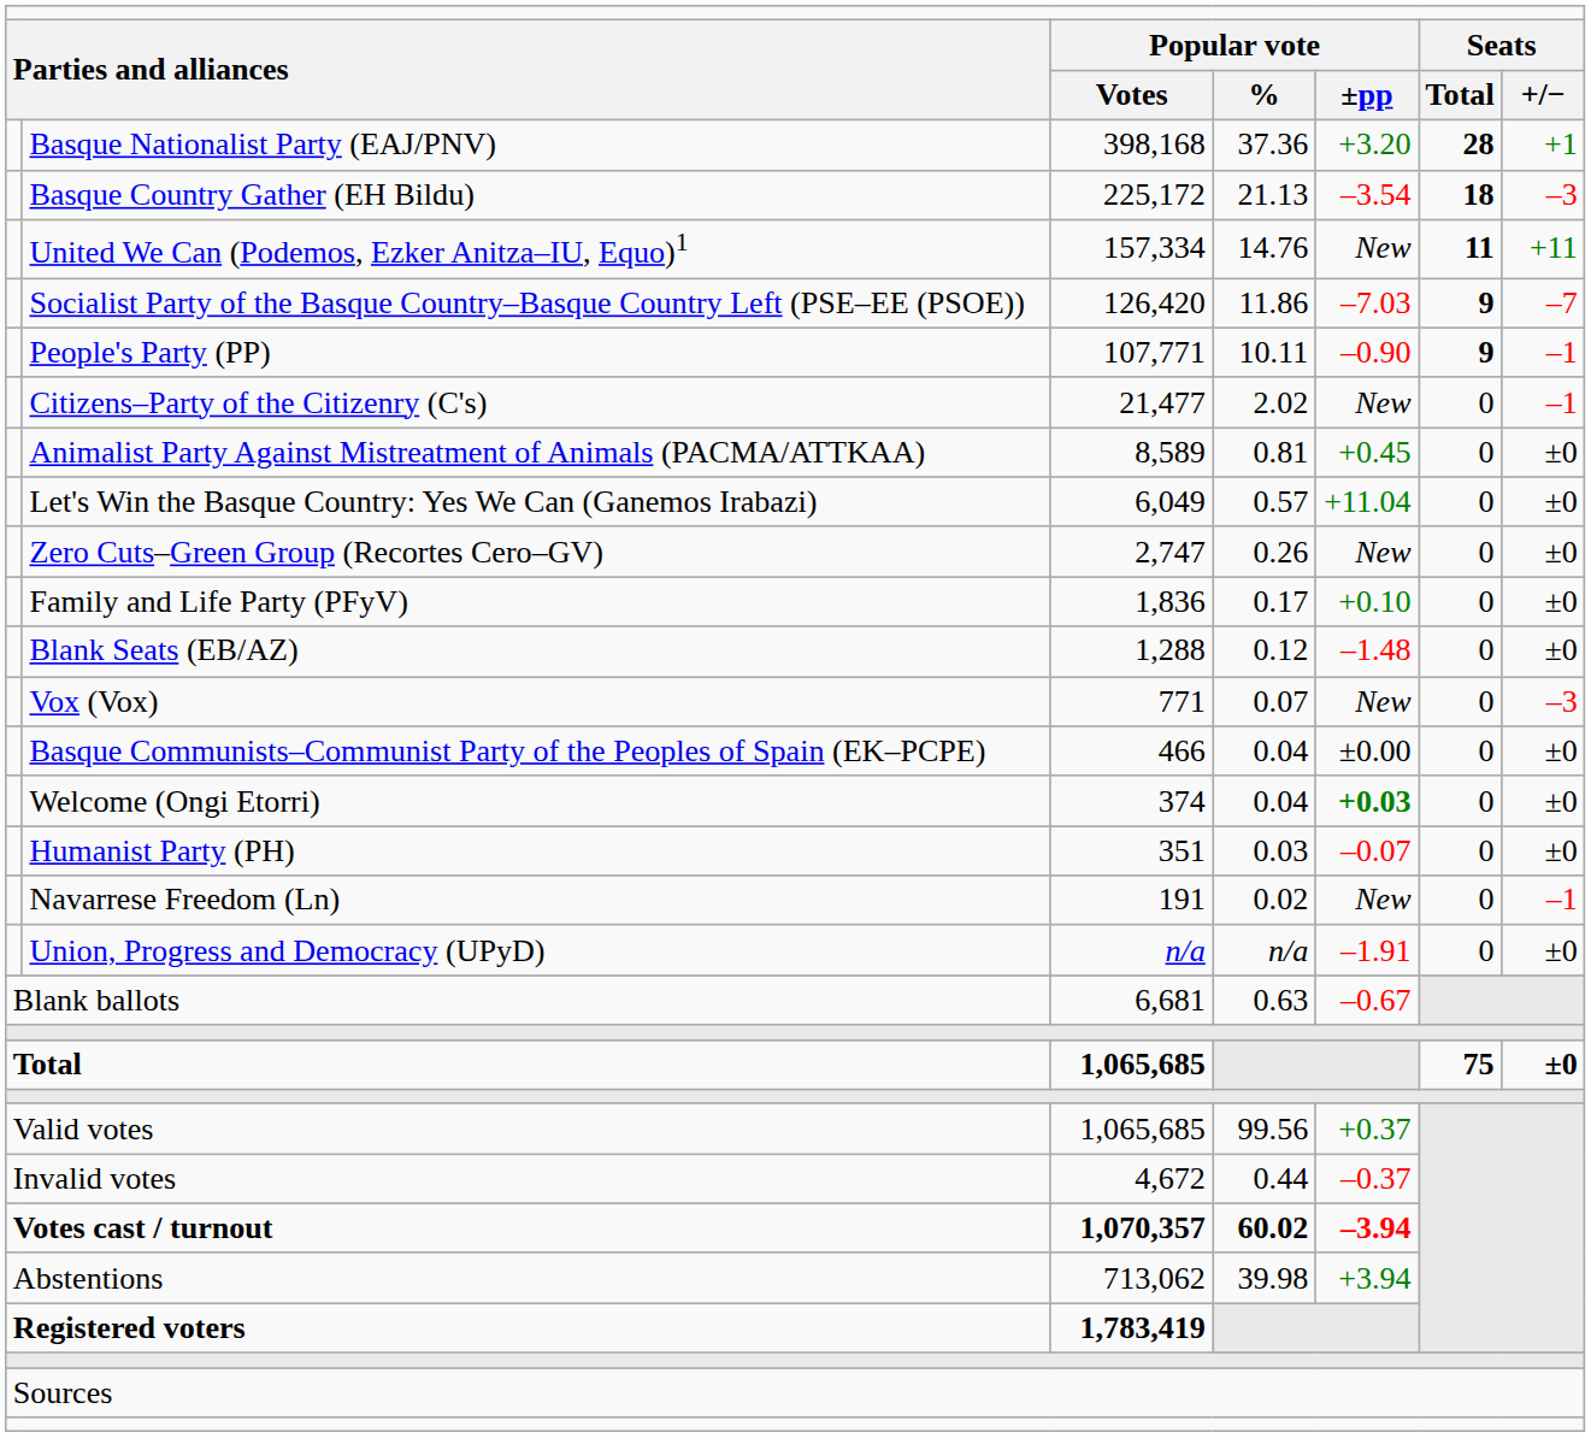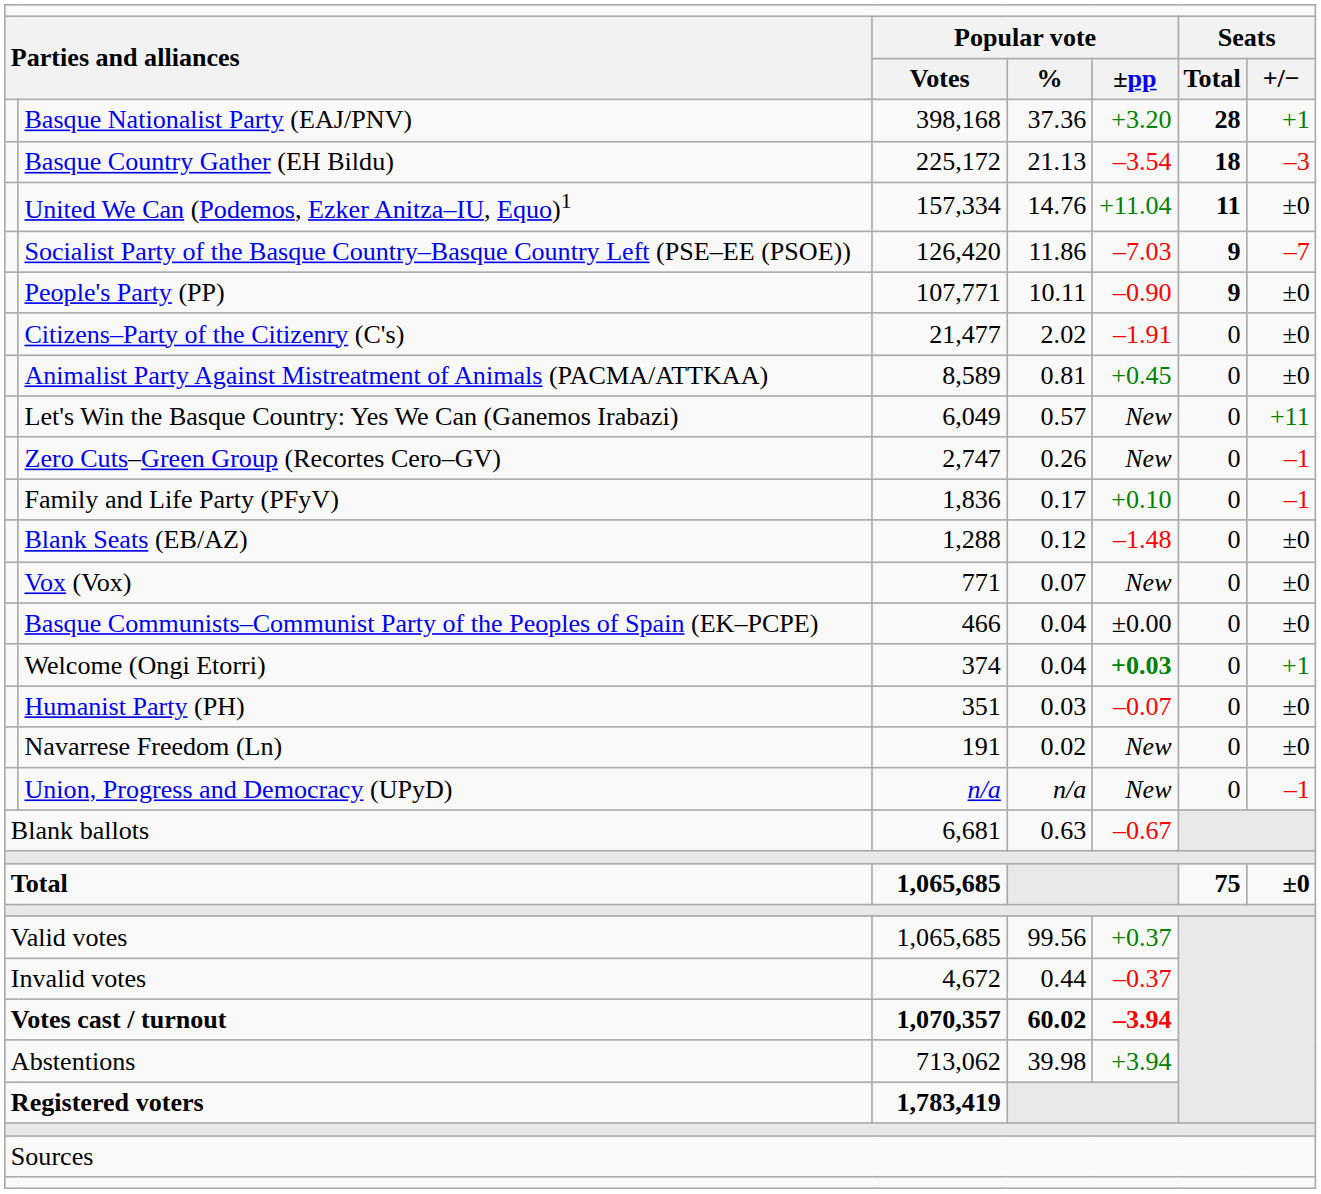 <table class="wikitable" style="text-align:right;">
 <tr>
 <td colspan="7"></td>
 </tr>
 <tr>
 <th style="text-align:left;" rowspan="2" colspan="2" width="525">Parties and alliances</th>
 <th colspan="3">Popular vote</th>
 <th colspan="2">Seats</th>
 </tr>
 <tr>
 <th width="75">Votes</th>
 <th width="45">%</th>
 <th width="45">±<a href='#'>pp</a></th>
 <th width="35">Total</th>
 <th width="35">+/−</th>
 </tr>
 <tr>
 <td width="1" style="color:inherit;background:"></td>
 <td align="left"><a href='#'>Basque Nationalist Party</a> (EAJ/PNV)</td>
 <td>398,168</td>
 <td>37.36</td>
 <td style="color:green;">+3.20</td>
 <td><strong>28</strong></td>
 <td style="color:green;">+1</td>
 </tr>
 <tr>
 <td style="color:inherit;background:"></td>
 <td align="left"><a href='#'>Basque Country Gather</a> (EH Bildu)</td>
 <td>225,172</td>
 <td>21.13</td>
 <td style="color:red;">–3.54</td>
 <td><strong>18</strong></td>
 <td style="color:red;">–3</td>
 </tr>
 <tr>
 <td style="color:inherit;background:"></td>
 <td align="left"><a href='#'>United We Can</a> (<a href='#'>Podemos</a>, <a href='#'>Ezker Anitza–IU</a>, <a href='#'>Equo</a>)<sup>1</sup></td>
 <td>157,334</td>
 <td>14.76</td>
-<td><em>New</em></td>
+<td style="color:green;">+11.04</td>
 <td><strong>11</strong></td>
-<td style="color:green;">+11</td>
+<td>±0</td>
 </tr>
 <tr>
 <td style="color:inherit;background:"></td>
 <td align="left"><a href='#'>Socialist Party of the Basque Country–Basque Country Left</a> (PSE–EE (PSOE))</td>
 <td>126,420</td>
 <td>11.86</td>
 <td style="color:red;">–7.03</td>
 <td><strong>9</strong></td>
 <td style="color:red;">–7</td>
 </tr>
 <tr>
 <td style="color:inherit;background:"></td>
 <td align="left"><a href='#'>People's Party</a> (PP)</td>
 <td>107,771</td>
 <td>10.11</td>
 <td style="color:red;">–0.90</td>
 <td><strong>9</strong></td>
-<td style="color:red;">–1</td>
+<td>±0</td>
 </tr>
 <tr>
 <td style="color:inherit;background:"></td>
 <td align="left"><a href='#'>Citizens–Party of the Citizenry</a> (C's)</td>
 <td>21,477</td>
 <td>2.02</td>
-<td><em>New</em></td>
+<td style="color:red;">–1.91</td>
 <td>0</td>
-<td style="color:red;">–1</td>
+<td>±0</td>
 </tr>
 <tr>
 <td style="color:inherit;background:"></td>
 <td align="left"><a href='#'>Animalist Party Against Mistreatment of Animals</a> (PACMA/ATTKAA)</td>
 <td>8,589</td>
 <td>0.81</td>
 <td style="color:green;">+0.45</td>
 <td>0</td>
 <td>±0</td>
 </tr>
 <tr>
 <td style="color:inherit;background:"></td>
 <td align="left">Let's Win the Basque Country: Yes We Can (Ganemos Irabazi)</td>
 <td>6,049</td>
 <td>0.57</td>
-<td style="color:green;">+11.04</td>
+<td><em>New</em></td>
 <td>0</td>
-<td>±0</td>
+<td style="color:green;">+11</td>
 </tr>
 <tr>
 <td style="color:inherit;background:"></td>
 <td align="left"><a href='#'>Zero Cuts</a>–<a href='#'>Green Group</a> (Recortes Cero–GV)</td>
 <td>2,747</td>
 <td>0.26</td>
 <td><em>New</em></td>
 <td>0</td>
-<td>±0</td>
+<td style="color:red;">–1</td>
 </tr>
 <tr>
 <td style="color:inherit;background:"></td>
 <td align="left">Family and Life Party (PFyV)</td>
 <td>1,836</td>
 <td>0.17</td>
 <td style="color:green;">+0.10</td>
 <td>0</td>
-<td>±0</td>
+<td style="color:red;">–1</td>
 </tr>
 <tr>
 <td style="color:inherit;background:"></td>
 <td align="left"><a href='#'>Blank Seats</a> (EB/AZ)</td>
 <td>1,288</td>
 <td>0.12</td>
 <td style="color:red;">–1.48</td>
 <td>0</td>
 <td>±0</td>
 </tr>
 <tr>
 <td style="color:inherit;background:"></td>
 <td align="left"><a href='#'>Vox</a> (Vox)</td>
 <td>771</td>
 <td>0.07</td>
 <td><em>New</em></td>
 <td>0</td>
-<td style="color:red;">–3</td>
+<td>±0</td>
 </tr>
 <tr>
 <td style="color:inherit;background:"></td>
 <td align="left"><a href='#'>Basque Communists–Communist Party of the Peoples of Spain</a> (EK–PCPE)</td>
 <td>466</td>
 <td>0.04</td>
 <td>±0.00</td>
 <td>0</td>
 <td>±0</td>
 </tr>
 <tr>
 <td style="color:inherit;background:"></td>
 <td align="left">Welcome (Ongi Etorri)</td>
 <td>374</td>
 <td>0.04</td>
 <td style="color:green;"><strong>+0.03</strong></td>
 <td>0</td>
-<td>±0</td>
+<td style="color:green;">+1</td>
 </tr>
 <tr>
 <td style="color:inherit;background:"></td>
 <td align="left"><a href='#'>Humanist Party</a> (PH)</td>
 <td>351</td>
 <td>0.03</td>
 <td style="color:red;">–0.07</td>
 <td>0</td>
 <td>±0</td>
 </tr>
 <tr>
 <td style="color:inherit;background:"></td>
 <td align="left">Navarrese Freedom (Ln)</td>
 <td>191</td>
 <td>0.02</td>
 <td><em>New</em></td>
 <td>0</td>
-<td style="color:red;">–1</td>
+<td>±0</td>
 </tr>
 <tr>
 <td style="color:inherit;background:"></td>
 <td align="left"><a href='#'>Union, Progress and Democracy</a> (UPyD)</td>
 <td><em><a href='#'>n/a</a></em></td>
 <td><em>n/a</em></td>
-<td style="color:red;">–1.91</td>
+<td><em>New</em></td>
 <td>0</td>
-<td>±0</td>
+<td style="color:red;">–1</td>
 </tr>
 <tr>
 <td align="left" colspan="2">Blank ballots</td>
 <td>6,681</td>
 <td>0.63</td>
 <td style="color:red;">–0.67</td>
 <td bgcolor="#E9E9E9" colspan="2"></td>
 </tr>
 <tr>
 <td colspan="7" bgcolor="#E9E9E9"></td>
 </tr>
 <tr style="font-weight:bold;">
 <td align="left" colspan="2">Total</td>
 <td>1,065,685</td>
 <td bgcolor="#E9E9E9" colspan="2"></td>
 <td>75</td>
 <td>±0</td>
 </tr>
 <tr>
 <td colspan="7" bgcolor="#E9E9E9"></td>
 </tr>
 <tr>
 <td align="left" colspan="2">Valid votes</td>
 <td>1,065,685</td>
 <td>99.56</td>
 <td style="color:green;">+0.37</td>
 <td bgcolor="#E9E9E9" colspan="2" rowspan="5"></td>
 </tr>
 <tr>
 <td align="left" colspan="2">Invalid votes</td>
 <td>4,672</td>
 <td>0.44</td>
 <td style="color:red;">–0.37</td>
 </tr>
 <tr style="font-weight:bold;">
 <td align="left" colspan="2">Votes cast / turnout</td>
 <td>1,070,357</td>
 <td>60.02</td>
 <td style="color:red;">–3.94</td>
 </tr>
 <tr>
 <td align="left" colspan="2">Abstentions</td>
 <td>713,062</td>
 <td>39.98</td>
 <td style="color:green;">+3.94</td>
 </tr>
 <tr style="font-weight:bold;">
 <td align="left" colspan="2">Registered voters</td>
 <td>1,783,419</td>
 <td bgcolor="#E9E9E9" colspan="2"></td>
 </tr>
 <tr>
 <td colspan="7" bgcolor="#E9E9E9"></td>
 </tr>
 <tr>
 <td align="left" colspan="7">Sources</td>
 </tr>
 <tr>
 <td colspan="7" style="text-align:left; max-width:790px;"></td>
 </tr>
 </table>
